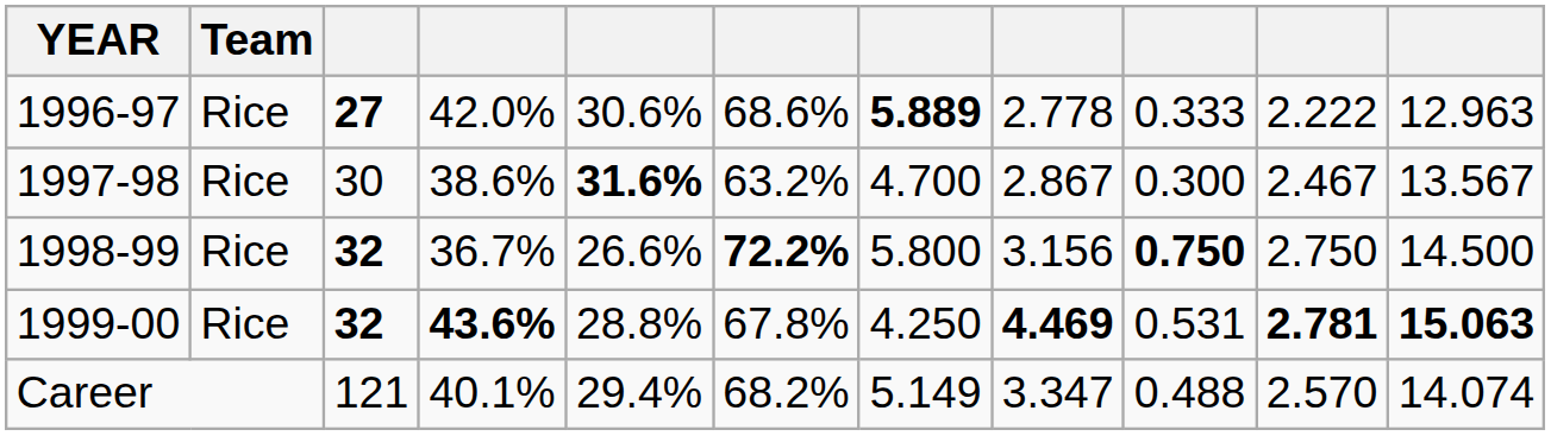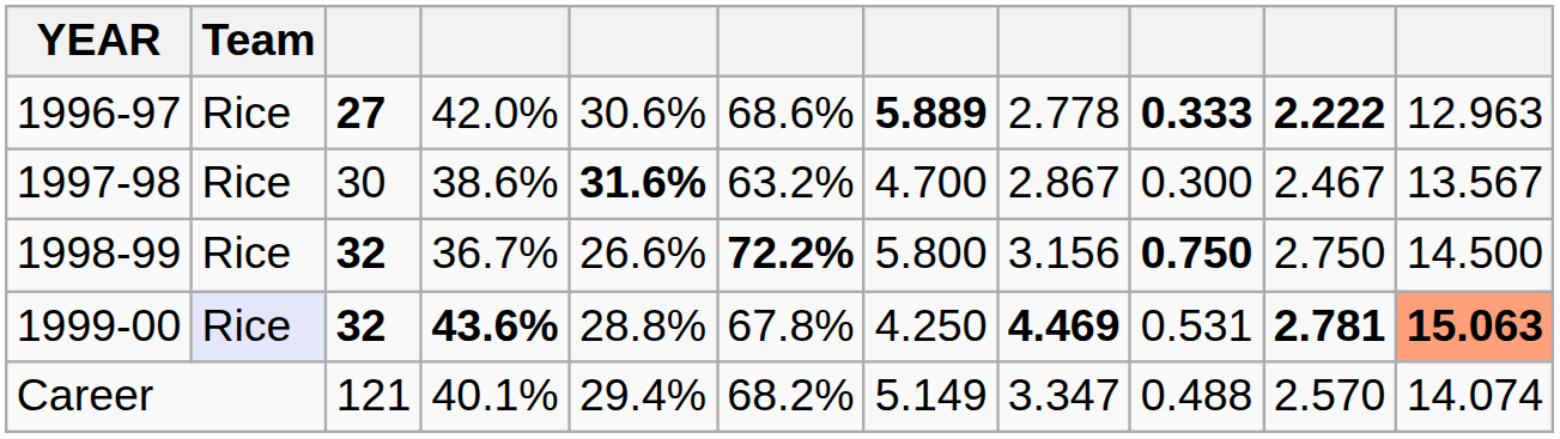 <table class="wikitable" id=Brumfieldratios>
 <tr>
 <th>YEAR</th>
 <th>Team</th>
 <th></th>
 <th></th>
 <th></th>
 <th></th>
 <th></th>
 <th></th>
 <th></th>
 <th></th>
 <th></th>
 </tr>
 <tr>
 <td>1996-97</td>
 <td>Rice</td>
 <td><strong>27</strong></td>
 <td>42.0%</td>
 <td>30.6%</td>
 <td>68.6%</td>
 <td><strong>5.889</strong></td>
 <td>2.778</td>
-<td>0.333</td>
-<td>2.222</td>
+<td><strong>0.333</strong></td>
+<td><strong>2.222</strong></td>
 <td>12.963</td>
 </tr>
 <tr>
 <td>1997-98</td>
 <td>Rice</td>
 <td>30</td>
 <td>38.6%</td>
 <td><strong>31.6%</strong></td>
 <td>63.2%</td>
 <td>4.700</td>
 <td>2.867</td>
 <td>0.300</td>
 <td>2.467</td>
 <td>13.567</td>
 </tr>
 <tr>
 <td>1998-99</td>
 <td>Rice</td>
 <td><strong>32</strong></td>
 <td>36.7%</td>
 <td>26.6%</td>
 <td><strong>72.2%</strong></td>
 <td>5.800</td>
 <td>3.156</td>
 <td><strong>0.750</strong></td>
 <td>2.750</td>
 <td>14.500</td>
 </tr>
 <tr>
 <td>1999-00</td>
-<td>Rice</td>
+<td style="background: lavender;">Rice</td>
 <td><strong>32</strong></td>
 <td><strong>43.6%</strong></td>
 <td>28.8%</td>
 <td>67.8%</td>
 <td>4.250</td>
 <td><strong>4.469</strong></td>
 <td>0.531</td>
 <td><strong>2.781</strong></td>
-<td><strong>15.063</strong></td>
+<td style="background: lightsalmon;"><strong>15.063</strong></td>
 </tr>
 <tr>
 <td colspan="2">Career</td>
 <td>121</td>
 <td>40.1%</td>
 <td>29.4%</td>
 <td>68.2%</td>
 <td>5.149</td>
 <td>3.347</td>
 <td>0.488</td>
 <td>2.570</td>
 <td>14.074</td>
 </tr>
 </table>
